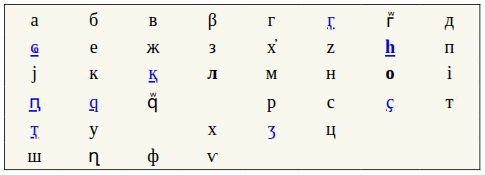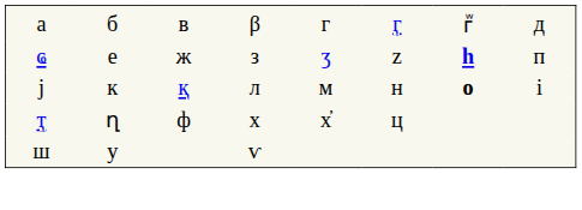 <table style="font-family:Arial Unicode MS; font-size:1.4em; border-color:#000000; border-width:1px; border-style:solid; border-collapse:collapse; background-color:#F8F8EF">
 <tr>
 <td style="width:3em; text-align:center; padding: 3px;">а</td>
 <td style="width:3em; text-align:center; padding: 3px;">б</td>
 <td style="width:3em; text-align:center; padding: 3px;">в</td>
 <td style="width:3em; text-align:center; padding: 3px;">β</td>
 <td style="width:3em; text-align:center; padding: 3px;">г</td>
 <td style="width:3em; text-align:center; padding: 3px;"><a href='#'>ӷ</a></td>
 <td style="width:3em; text-align:center; padding: 3px;">гᷱ</td>
 <td style="width:3em; text-align:center; padding: 3px;">д</td>
 </tr>
 <tr>
 <td style="width:3em; text-align:center; padding: 3px;"><a href='#'>ҩ</a></td>
 <td style="width:3em; text-align:center; padding: 3px;">е</td>
 <td style="width:3em; text-align:center; padding: 3px;">ж</td>
 <td style="width:3em; text-align:center; padding: 3px;">з</td>
-<td style="width:3em; text-align:center; padding: 3px;">х̓</td>
+<td style="width:3em; text-align:center; padding: 3px;"><a href='#'>ӡ</a></td>
 <td style="width:3em; text-align:center; padding: 3px;">z</td>
 <td style="width:3em; text-align:center; padding: 3px;"><strong><a href='#'>һ</a></strong></td>
 <td style="width:3em; text-align:center; padding: 3px;">п</td>
 </tr>
 <tr>
 <td style="width:3em; text-align:center; padding: 3px;">ј</td>
 <td style="width:3em; text-align:center; padding: 3px;">к</td>
 <td style="width:3em; text-align:center; padding: 3px;"><a href='#'>қ</a></td>
-<td style="width:3em; text-align:center; padding: 3px;"><strong>л</strong></td>
+<td style="width:3em; text-align:center; padding: 3px;">л</td>
 <td style="width:3em; text-align:center; padding: 3px;">м</td>
 <td style="width:3em; text-align:center; padding: 3px;">н</td>
 <td style="width:3em; text-align:center; padding: 3px;"><strong>о</strong></td>
 <td style="width:3em; text-align:center; padding: 3px;">і</td>
 </tr>
 <tr>
-<td style="width:3em; text-align:center; padding: 3px;"><a href='#'>ԥ</a></td>
-<td style="width:3em; text-align:center; padding: 3px;"><a href='#'>ԛ</a></td>
-<td style="width:3em; text-align:center; padding: 3px;">ԛᷱ</td>
-<td style="width:3em; text-align:center; padding: 3px;"></td>
-<td style="width:3em; text-align:center; padding: 3px;">р</td>
-<td style="width:3em; text-align:center; padding: 3px;">с</td>
-<td style="width:3em; text-align:center; padding: 3px;"><a href='#'>ҫ</a></td>
-<td style="width:3em; text-align:center; padding: 3px;">т</td>
-</tr>
-<tr>
 <td style="width:3em; text-align:center; padding: 3px;"><a href='#'>ҭ</a></td>
-<td style="width:3em; text-align:center; padding: 3px;">у</td>
-<td style="width:3em; text-align:center; padding: 3px;">ղᷱ</td>
+<td style="width:3em; text-align:center; padding: 3px;">ղ</td>
+<td style="width:3em; text-align:center; padding: 3px;">ф</td>
 <td style="width:3em; text-align:center; padding: 3px;">х</td>
-<td style="width:3em; text-align:center; padding: 3px;"><a href='#'>ӡ</a></td>
+<td style="width:3em; text-align:center; padding: 3px;">х̓</td>
 <td style="width:3em; text-align:center; padding: 3px;">ц</td>
 <td style="width:3em; text-align:center; padding: 3px;"></td>
 <td style="width:3em; text-align:center; padding: 3px;"></td>
 </tr>
 <tr>
 <td style="width:3em; text-align:center; padding: 3px;">ш</td>
-<td style="width:3em; text-align:center; padding: 3px;">ղ</td>
-<td style="width:3em; text-align:center; padding: 3px;">ф</td>
+<td style="width:3em; text-align:center; padding: 3px;">у</td>
+<td style="width:3em; text-align:center; padding: 3px;">ղᷱ</td>
 <td style="width:3em; text-align:center; padding: 3px;">ѵ</td>
 <td style="width:3em; text-align:center; padding: 3px;"></td>
 <td style="width:3em; text-align:center; padding: 3px;"></td>
 <td></td>
 <td></td>
 </tr>
 </table>
